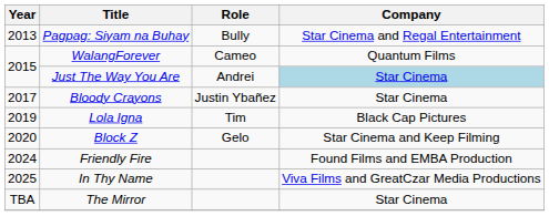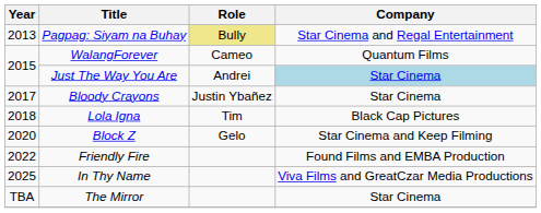 <table class="wikitable" style="text-align:center">
 <tr>
 <th>Year</th>
 <th>Title</th>
 <th>Role</th>
 <th>Company</th>
 </tr>
 <tr>
 <td>2013</td>
 <td><em><a href='#'>Pagpag: Siyam na Buhay</a></em></td>
-<td>Bully</td>
+<td style="background: khaki;">Bully</td>
 <td><a href='#'>Star Cinema</a> and <a href='#'>Regal Entertainment</a></td>
 </tr>
 <tr>
 <td rowspan=2>2015</td>
 <td><em><a href='#'>WalangForever</a></em></td>
 <td>Cameo</td>
 <td>Quantum Films</td>
 </tr>
 <tr>
 <td><em><a href='#'>Just The Way You Are</a></em></td>
 <td>Andrei</td>
 <td style="background: lightblue;"><a href='#'>Star Cinema</a></td>
 </tr>
 <tr>
 <td>2017</td>
 <td><em><a href='#'>Bloody Crayons</a></em></td>
 <td>Justin Ybañez</td>
 <td>Star Cinema</td>
 </tr>
 <tr>
-<td>2019</td>
+<td>2018</td>
 <td><em><a href='#'>Lola Igna</a></em></td>
 <td>Tim</td>
 <td>Black Cap Pictures</td>
 </tr>
 <tr>
 <td>2020</td>
 <td><em><a href='#'>Block Z</a></em></td>
 <td>Gelo</td>
 <td>Star Cinema and Keep Filming</td>
 </tr>
 <tr>
-<td>2024</td>
+<td>2022</td>
 <td><em>Friendly Fire</em></td>
 <td></td>
 <td>Found Films and EMBA Production</td>
 </tr>
 <tr>
 <td>2025</td>
 <td><em>In Thy Name</em></td>
 <td></td>
 <td><a href='#'>Viva Films</a> and GreatCzar Media Productions</td>
 </tr>
 <tr>
 <td>TBA</td>
 <td><em>The Mirror</em></td>
 <td></td>
 <td>Star Cinema</td>
 </tr>
 <tr>
 </tr>
 </table>
